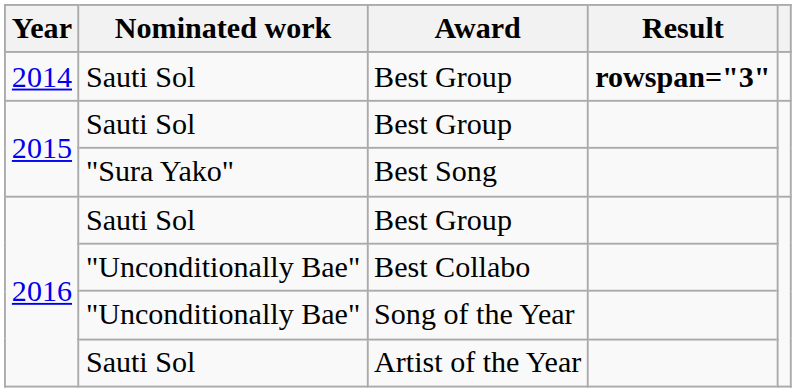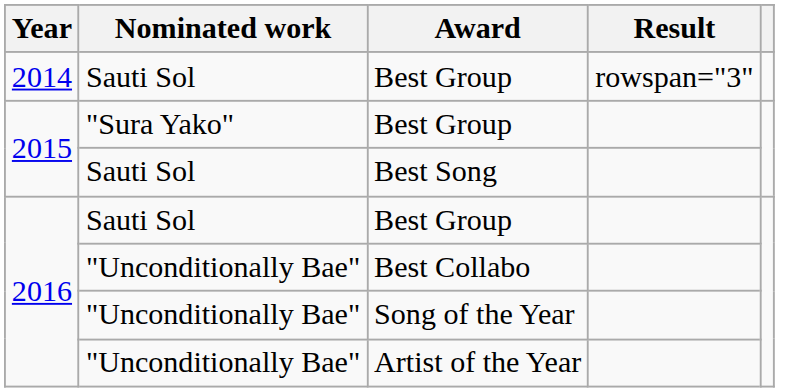 <table class ="wikitable">
 <tr>
 <th>Year</th>
 <th>Nominated work</th>
 <th>Award</th>
 <th>Result</th>
 <th></th>
 </tr>
 <tr>
 <td><a href='#'>2014</a></td>
 <td>Sauti Sol</td>
 <td>Best Group</td>
-<td><strong>rowspan="3" </strong></td>
+<td>rowspan="3" </td>
 <td></td>
 </tr>
 <tr>
 <td rowspan="2"><a href='#'>2015</a></td>
-<td>Sauti Sol</td>
+<td>"Sura Yako"</td>
 <td>Best Group</td>
 <td></td>
 </tr>
 <tr>
-<td>"Sura Yako"</td>
+<td>Sauti Sol</td>
 <td>Best Song</td>
 <td></td>
 </tr>
 <tr>
 <td rowspan="4"><a href='#'>2016</a></td>
 <td>Sauti Sol</td>
 <td>Best Group</td>
 <td></td>
 <td rowspan="4"></td>
 </tr>
 <tr>
 <td>"Unconditionally Bae" </td>
 <td>Best Collabo</td>
 <td></td>
 </tr>
 <tr>
 <td>"Unconditionally Bae" </td>
 <td>Song of the Year</td>
 <td></td>
 </tr>
 <tr>
-<td>Sauti Sol</td>
+<td>"Unconditionally Bae" </td>
 <td>Artist of the Year</td>
 <td></td>
 </tr>
 </table>
